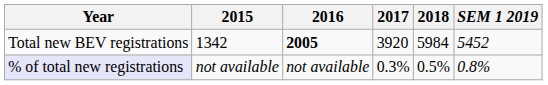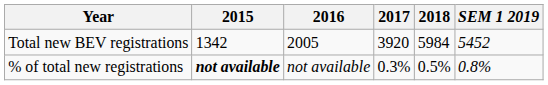 <table class="wikitable">
 <tr>
 <th>Year</th>
 <th>2015</th>
 <th>2016</th>
 <th>2017</th>
 <th>2018</th>
 <th><em>SEM 1 2019</em></th>
 </tr>
 <tr>
 <td>Total new BEV registrations</td>
 <td>1342</td>
-<td><strong>2005</strong></td>
+<td>2005</td>
 <td>3920</td>
 <td>5984</td>
 <td><em>5452</em></td>
 </tr>
 <tr>
-<td style="background: lavender;">% of total new registrations</td>
-<td><em>not available</em></td>
+<td>% of total new registrations</td>
+<td><strong><em>not available</em></strong></td>
 <td><em>not available</em></td>
 <td>0.3%</td>
 <td>0.5%</td>
 <td><em>0.8%</em></td>
 </tr>
 </table>
